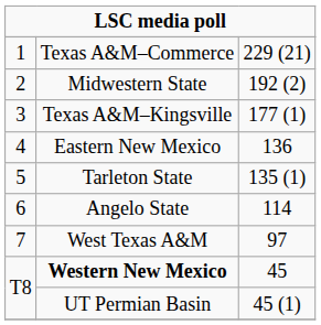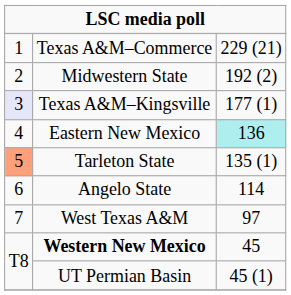 <table class="wikitable" style="display: inline-table;">
 <tr>
 <td align="center" Colspan="3"><strong>LSC media poll</strong></td>
 </tr>
 <tr align="center">
 </tr>
 <tr align="center">
 <td>1</td>
 <td>Texas A&M–Commerce</td>
 <td>229 (21)</td>
 </tr>
 <tr align="center">
 <td>2</td>
 <td>Midwestern State</td>
 <td>192 (2)</td>
 </tr>
 <tr align="center">
-<td>3</td>
+<td style="background: lavender;">3</td>
 <td>Texas A&M–Kingsville</td>
 <td>177 (1)</td>
 </tr>
 <tr align="center">
 <td>4</td>
 <td>Eastern New Mexico</td>
-<td>136</td>
+<td style="background: paleturquoise;">136</td>
 </tr>
 <tr align="center">
-<td>5</td>
+<td style="background: lightsalmon;">5</td>
 <td>Tarleton State</td>
 <td>135 (1)</td>
 </tr>
 <tr align="center">
 <td>6</td>
 <td>Angelo State</td>
 <td>114</td>
 </tr>
 <tr align="center">
 <td>7</td>
 <td>West Texas A&M</td>
 <td>97</td>
 </tr>
 <tr align="center">
 <td rowspan=2>T8</td>
 <td><strong>Western New Mexico</strong></td>
 <td>45</td>
 </tr>
 <tr align="center">
 <td>UT Permian Basin</td>
 <td>45 (1)</td>
 </tr>
 <tr>
 </tr>
 </table>
